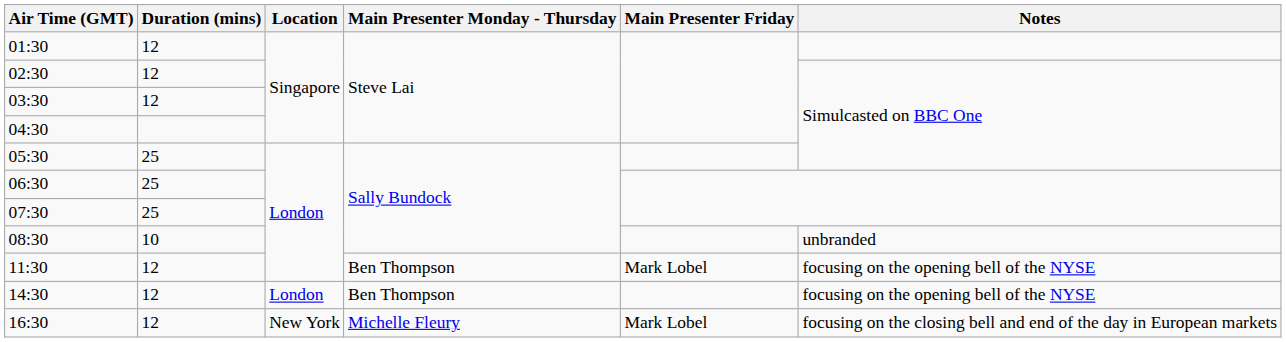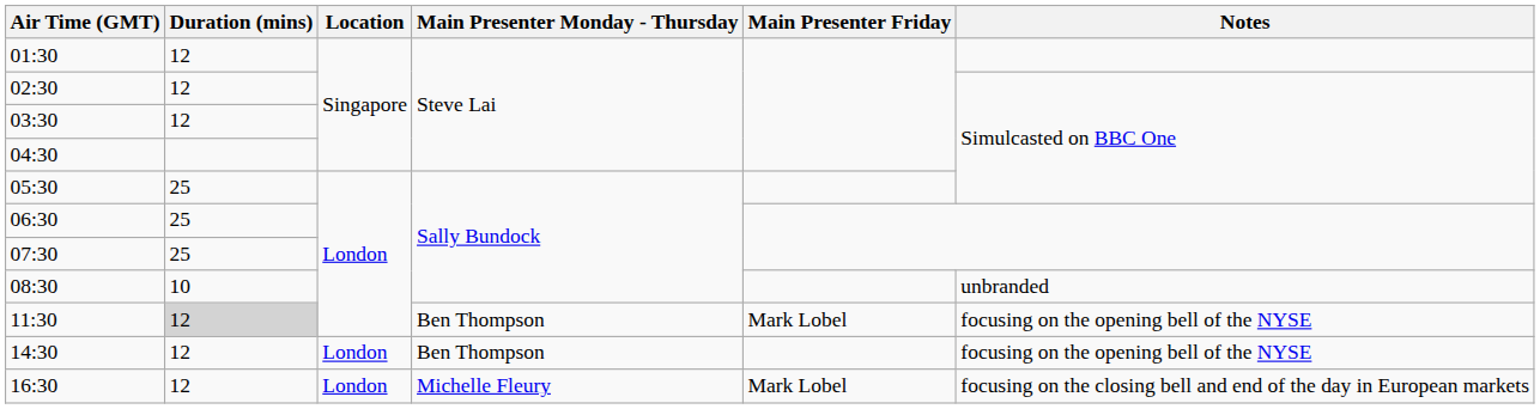 <table class="wikitable">
 <tr>
 <th>Air Time (GMT)</th>
 <th>Duration (mins)</th>
 <th>Location</th>
 <th>Main Presenter Monday - Thursday</th>
 <th>Main Presenter Friday</th>
 <th>Notes</th>
 </tr>
 <tr>
 <td>01:30</td>
 <td>12</td>
 <td rowspan="4">Singapore</td>
 <td rowspan="4">Steve Lai</td>
 <td rowspan="4"></td>
 <td></td>
 </tr>
 <tr>
 <td>02:30</td>
 <td>12</td>
 <td rowspan="4">Simulcasted on <a href='#'>BBC One</a></td>
 </tr>
 <tr>
 <td>03:30</td>
 <td>12</td>
 </tr>
 <tr>
 <td>04:30</td>
 </tr>
 <tr>
 <td>05:30</td>
 <td>25</td>
 <td rowspan="5"><a href='#'>London</a></td>
 <td rowspan="4"><a href='#'>Sally Bundock</a></td>
 <td></td>
 </tr>
 <tr>
 <td>06:30</td>
 <td>25</td>
 </tr>
 <tr>
 <td>07:30</td>
 <td>25</td>
 </tr>
 <tr>
 <td>08:30</td>
 <td>10</td>
 <td></td>
 <td>unbranded</td>
 </tr>
 <tr>
 <td>11:30</td>
-<td>12</td>
+<td style="background: lightgrey;">12</td>
 <td>Ben Thompson</td>
 <td>Mark Lobel</td>
 <td>focusing on the opening bell of the <a href='#'>NYSE</a></td>
 </tr>
 <tr>
 <td>14:30</td>
 <td>12</td>
 <td><a href='#'>London</a></td>
 <td>Ben Thompson</td>
 <td></td>
 <td>focusing on the opening bell of the <a href='#'>NYSE</a></td>
 </tr>
 <tr>
 <td>16:30</td>
 <td>12</td>
-<td>New York</td>
+<td><a href='#'>London</a></td>
 <td><a href='#'>Michelle Fleury</a></td>
 <td>Mark Lobel</td>
 <td>focusing on the closing bell and end of the day in European markets</td>
 </tr>
 </table>
